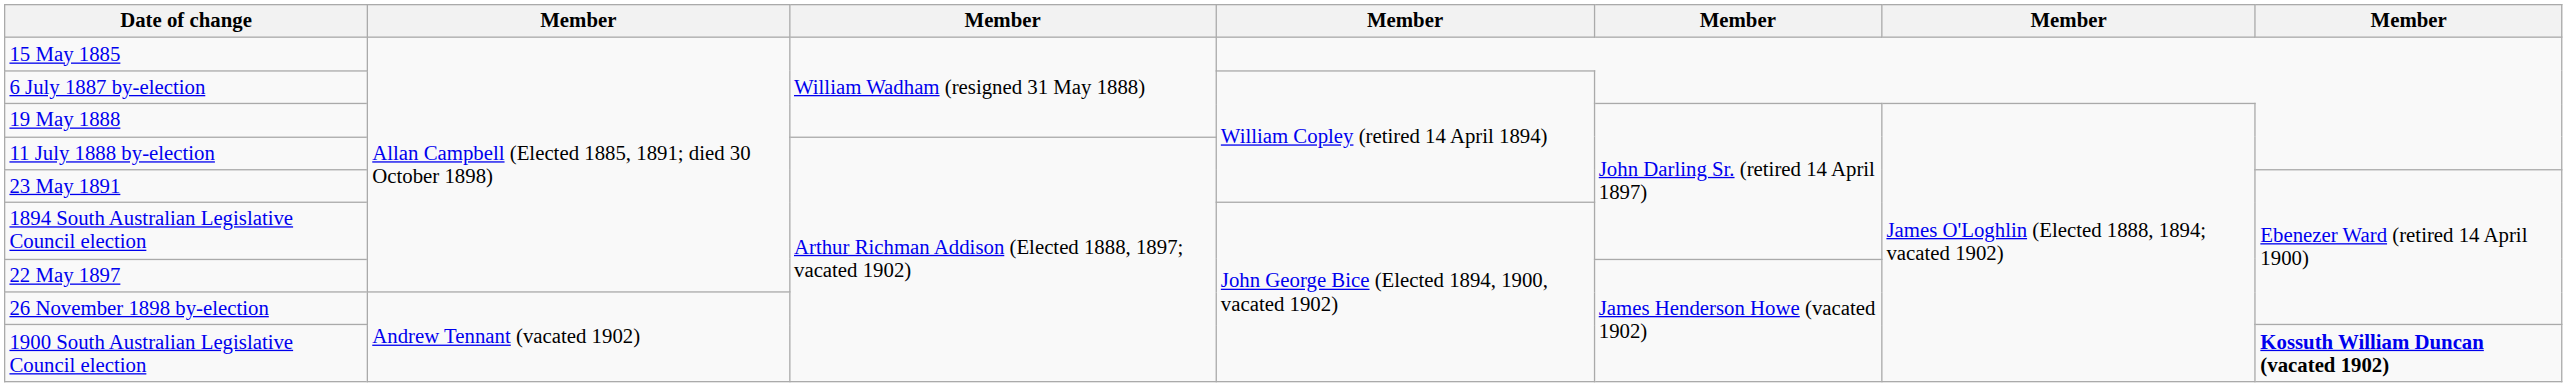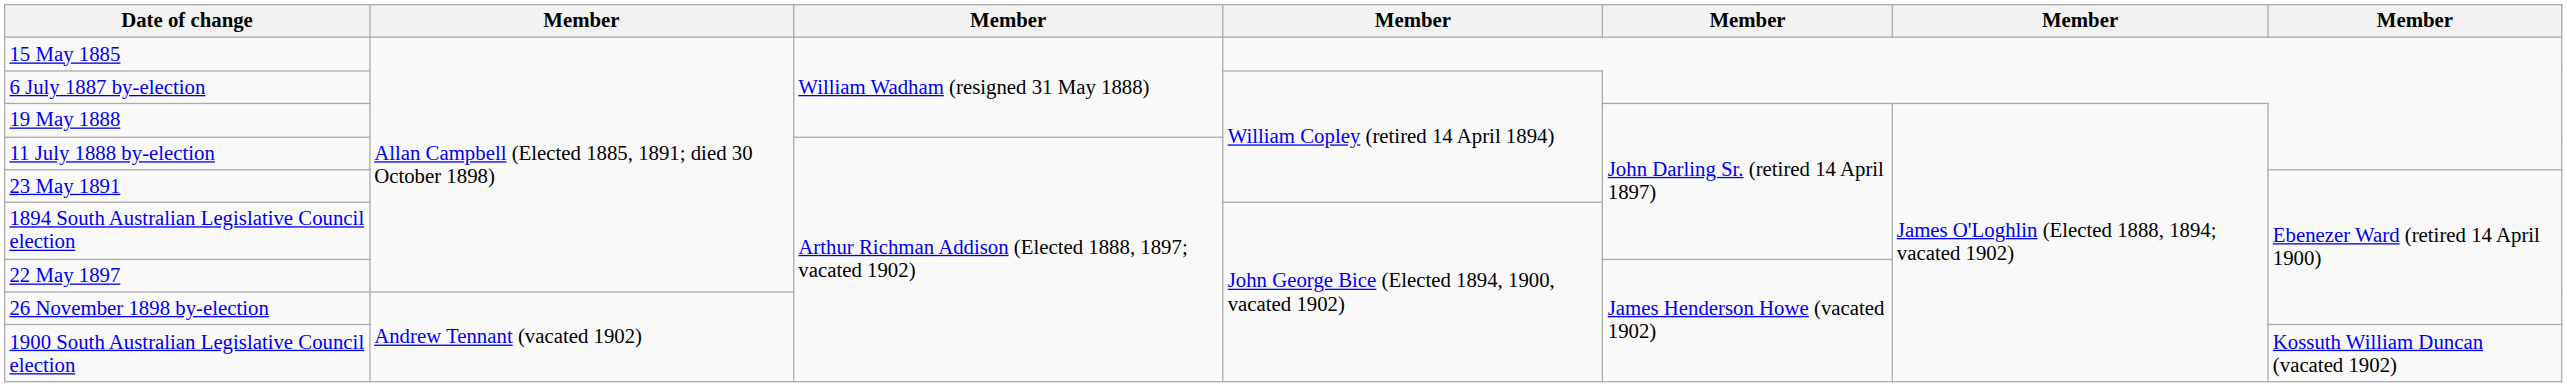 <table class="wikitable">
 <tr>
 <th>Date of change</th>
 <th>Member</th>
 <th>Member</th>
 <th>Member</th>
 <th>Member</th>
 <th>Member</th>
 <th>Member</th>
 </tr>
 <tr>
 <td><a href='#'>15 May 1885</a></td>
 <td rowspan=7><a href='#'>Allan Campbell</a> (Elected 1885, 1891; died 30 October 1898)</td>
 <td rowspan=3><a href='#'>William Wadham</a> (resigned 31 May 1888)</td>
 </tr>
 <tr>
 <td><a href='#'>6 July 1887 by-election</a></td>
 <td rowspan=4><a href='#'>William Copley</a> (retired 14 April 1894)</td>
 </tr>
 <tr>
 <td><a href='#'>19 May 1888</a></td>
 <td rowspan=4><a href='#'>John Darling Sr.</a>  (retired 14 April 1897)</td>
 <td rowspan=7><a href='#'>James O'Loghlin</a> (Elected 1888, 1894; vacated 1902)</td>
 </tr>
 <tr>
 <td><a href='#'>11 July 1888 by-election</a></td>
 <td rowspan=6><a href='#'>Arthur Richman Addison</a> (Elected 1888, 1897; vacated 1902)</td>
 </tr>
 <tr>
 <td><a href='#'>23 May 1891</a></td>
 <td rowspan=4><a href='#'>Ebenezer Ward</a> (retired 14 April 1900)</td>
 </tr>
 <tr>
 <td><a href='#'>1894 South Australian Legislative Council election</a></td>
 <td rowspan=4><a href='#'>John George Bice</a> (Elected 1894, 1900, vacated 1902)</td>
 </tr>
 <tr>
 <td><a href='#'>22 May 1897</a></td>
 <td rowspan=3><a href='#'>James Henderson Howe</a> (vacated 1902)</td>
 </tr>
 <tr>
 <td><a href='#'>26 November 1898 by-election</a></td>
 <td rowspan=2><a href='#'>Andrew Tennant</a> (vacated 1902)</td>
 </tr>
 <tr>
 <td><a href='#'>1900 South Australian Legislative Council election</a></td>
-<td><strong><a href='#'>Kossuth William Duncan</a> (vacated 1902)</strong></td>
+<td><a href='#'>Kossuth William Duncan</a> (vacated 1902)</td>
 </tr>
 </table>
